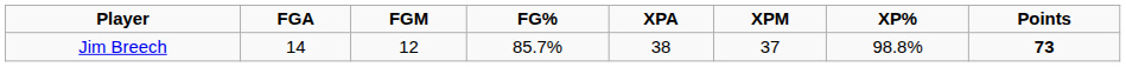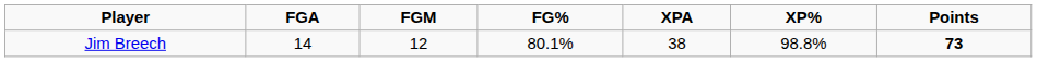 <table class="wikitable" width="80%">
 <tr align="center">
 <td><strong>Player</strong></td>
 <td><strong>FGA</strong></td>
 <td><strong>FGM</strong></td>
 <td><strong>FG%</strong></td>
 <td><strong>XPA</strong></td>
-<td><strong>XPM</strong></td>
 <td><strong>XP%</strong></td>
 <td><strong>Points</strong></td>
 </tr>
 <tr align="center" bgcolor="">
 <td><a href='#'>Jim Breech</a></td>
 <td>14</td>
 <td>12</td>
-<td>85.7%</td>
+<td>80.1%</td>
 <td>38</td>
-<td>37</td>
 <td>98.8%</td>
 <td><strong>73</strong></td>
 </tr>
 </table>
